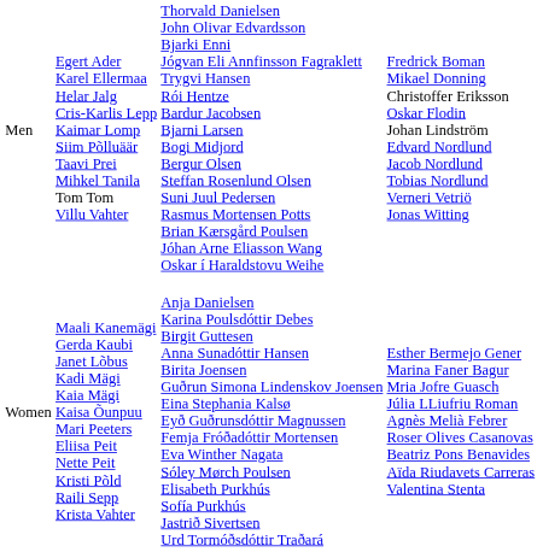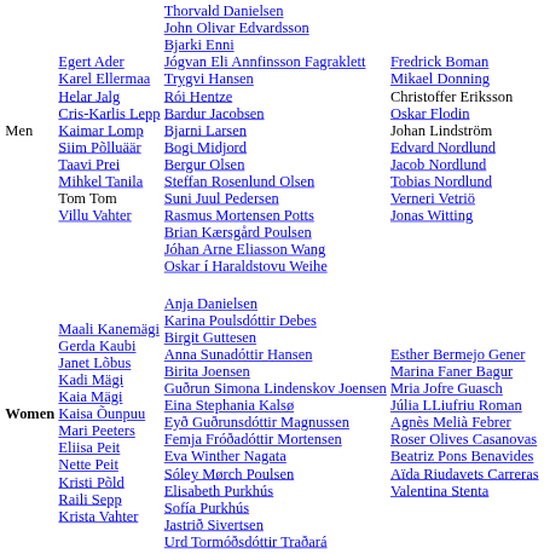 <table>
 <tr>
 <td>Men</td>
 <td><br><a href='#'>Egert Ader</a><br><a href='#'>Karel Ellermaa</a><br><a href='#'>Helar Jalg</a><br><a href='#'>Cris-Karlis Lepp</a><br><a href='#'>Kaimar Lomp</a><br><a href='#'>Siim Põlluäär</a><br><a href='#'>Taavi Prei</a><br><a href='#'>Mihkel Tanila</a><br>Tom Tom<br><a href='#'>Villu Vahter</a></td>
 <td><br><a href='#'>Thorvald Danielsen</a><br><a href='#'>John Olivar Edvardsson</a><br><a href='#'>Bjarki Enni</a><br><a href='#'>Jógvan Eli Annfinsson Fagraklett</a><br><a href='#'>Trygvi Hansen</a><br><a href='#'>Rói Hentze</a><br><a href='#'>Bardur Jacobsen</a><br><a href='#'>Bjarni Larsen</a><br><a href='#'>Bogi Midjord</a><br><a href='#'>Bergur Olsen</a><br><a href='#'>Steffan Rosenlund Olsen</a><br><a href='#'>Suni Juul Pedersen</a><br><a href='#'>Rasmus Mortensen Potts</a><br><a href='#'>Brian Kærsgård Poulsen</a><br><a href='#'>Jóhan Arne Eliasson Wang</a><br><a href='#'>Oskar í Haraldstovu Weihe</a></td>
 <td><br><a href='#'>Fredrick Boman</a><br><a href='#'>Mikael Donning</a><br>Christoffer Eriksson<br><a href='#'>Oskar Flodin</a><br>Johan Lindström<br><a href='#'>Edvard Nordlund</a><br><a href='#'>Jacob Nordlund</a><br><a href='#'>Tobias Nordlund</a><br><a href='#'>Verneri Vetriö</a><br><a href='#'>Jonas Witting</a></td>
 </tr>
 <tr>
-<td>Women</td>
+<td><strong>Women</strong></td>
 <td><br><a href='#'>Maali Kanemägi</a><br><a href='#'>Gerda Kaubi</a><br><a href='#'>Janet Lõbus</a><br><a href='#'>Kadi Mägi</a><br><a href='#'>Kaia Mägi</a><br><a href='#'>Kaisa Õunpuu</a><br><a href='#'>Mari Peeters</a><br><a href='#'>Eliisa Peit</a><br><a href='#'>Nette Peit</a><br><a href='#'>Kristi Põld</a><br><a href='#'>Raili Sepp</a><br><a href='#'>Krista Vahter</a></td>
 <td><br><a href='#'>Anja Danielsen</a><br><a href='#'>Karina Poulsdóttir Debes</a><br><a href='#'>Birgit Guttesen</a><br><a href='#'>Anna Sunadóttir Hansen</a><br><a href='#'>Birita Joensen</a><br><a href='#'>Guðrun Simona Lindenskov Joensen</a><br><a href='#'>Eina Stephania Kalsø</a><br><a href='#'>Eyð Guðrunsdóttir Magnussen</a><br><a href='#'>Femja Fróðadóttir Mortensen</a><br><a href='#'>Eva Winther Nagata</a><br><a href='#'>Sóley Mørch Poulsen</a><br><a href='#'>Elisabeth Purkhús</a><br><a href='#'>Sofía Purkhús</a><br><a href='#'>Jastrið Sivertsen</a><br><a href='#'>Urd Tormóðsdóttir Traðará</a></td>
 <td><br><a href='#'>Esther Bermejo Gener</a><br><a href='#'>Marina Faner Bagur</a><br><a href='#'>Mria Jofre Guasch</a><br><a href='#'>Júlia LLiufriu Roman</a><br><a href='#'>Agnès Melià Febrer</a><br><a href='#'>Roser Olives Casanovas</a><br><a href='#'>Beatriz Pons Benavides</a><br><a href='#'>Aïda Riudavets Carreras</a><br><a href='#'>Valentina Stenta</a></td>
 </tr>
 </table>
